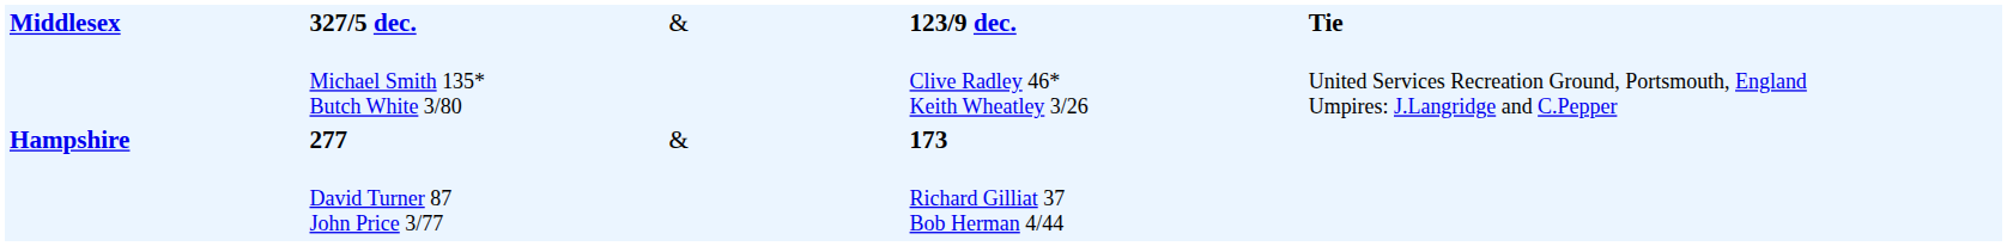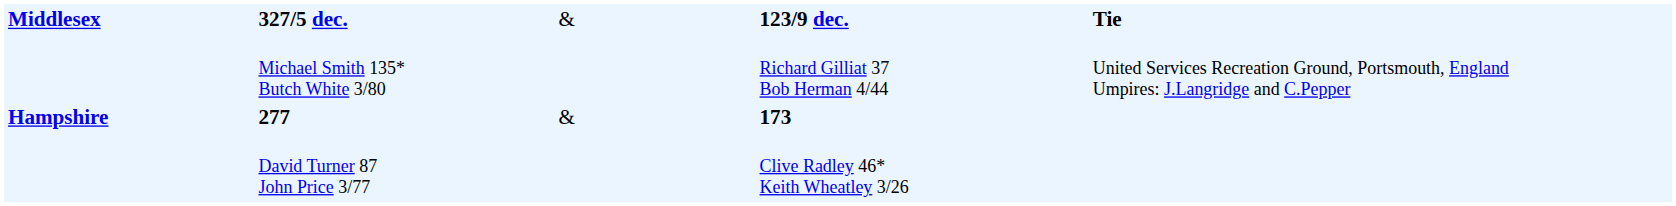 <table width="100%" style="background: #EBF5FF">
 <tr>
 <td width="15%" valign="top" rowspan="2"><strong><a href='#'>Middlesex</a></strong></td>
 <td width="18%"><strong>327/5 <a href='#'>dec.</a></strong></td>
 <td width="12%">&</td>
 <td width="20%"><strong>123/9 <a href='#'>dec.</a></strong></td>
 <td width="35%"><strong>Tie</strong></td>
 </tr>
 <tr>
 <td style="font-size: 85%;" valign="top"><br><a href='#'>Michael Smith</a> 135*<br> <a href='#'>Butch White</a> 3/80</td>
 <td></td>
-<td style="font-size: 85%;"><br><a href='#'>Clive Radley</a> 46*<br> <a href='#'>Keith Wheatley</a> 3/26</td>
+<td valign="top" style="font-size: 85%;"><br><a href='#'>Richard Gilliat</a> 37<br> <a href='#'>Bob Herman</a> 4/44</td>
 <td valign="top" style="font-size: 85%;" rowspan="3"><br>United Services Recreation Ground, Portsmouth, <a href='#'>England</a><br> Umpires: <a href='#'>J.Langridge</a> and <a href='#'>C.Pepper</a></td>
 </tr>
 <tr>
 <td valign="top" rowspan="2"><strong><a href='#'>Hampshire</a></strong></td>
 <td><strong>277</strong></td>
 <td>&</td>
 <td><strong>173</strong></td>
 </tr>
 <tr>
 <td style="font-size: 85%;"><br><a href='#'>David Turner</a> 87<br> <a href='#'>John Price</a> 3/77</td>
 <td></td>
-<td valign="top" style="font-size: 85%;"><br><a href='#'>Richard Gilliat</a> 37<br> <a href='#'>Bob Herman</a> 4/44</td>
+<td style="font-size: 85%;"><br><a href='#'>Clive Radley</a> 46*<br> <a href='#'>Keith Wheatley</a> 3/26</td>
 </tr>
 </table>
